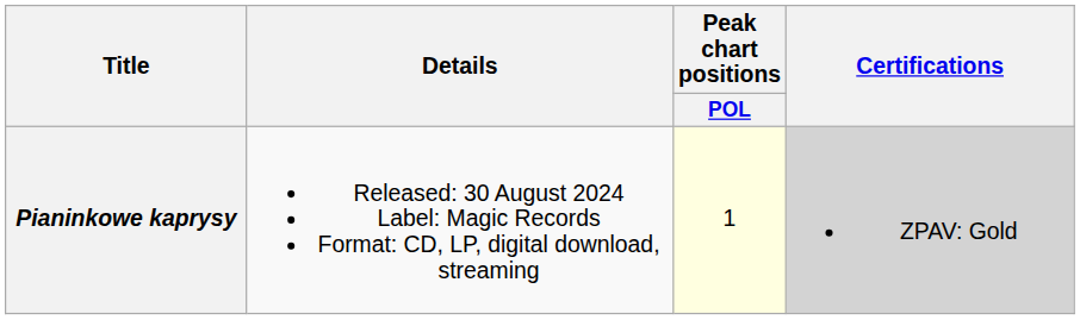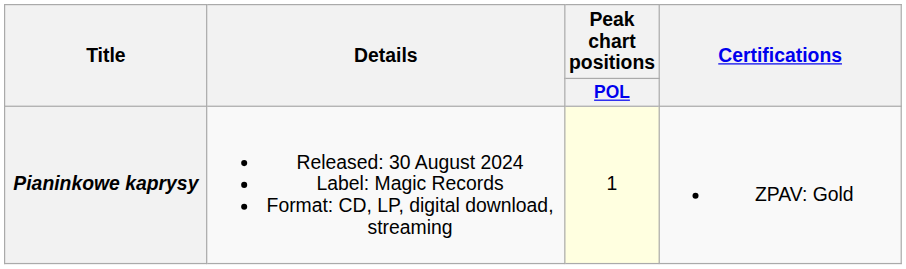 <table class="wikitable plainrowheaders" style="text-align:center;">
 <tr>
 <th scope="col" rowspan="2" style="width:10em;">Title</th>
 <th scope="col" rowspan="2" style="width:18em;">Details</th>
 <th>Peak chart positions</th>
 <th scope="col" rowspan="2" style="width:12em;"><a href='#'>Certifications</a></th>
 </tr>
 <tr>
 <th scope="col" style="width:3em;font-size:90%;"><a href='#'>POL</a><br></th>
 </tr>
 <tr>
 <th scope="row"><em>Pianinkowe kaprysy</em></th>
 <td><br><ul><li>Released: 30 August 2024</li><li>Label: Magic Records</li><li>Format: CD, LP, digital download, streaming</li></ul></td>
 <td style="background: lightyellow;">1</td>
-<td style="background: lightgrey;"><br><ul><li>ZPAV: Gold</li></ul></td>
+<td><br><ul><li>ZPAV: Gold</li></ul></td>
 </tr>
 </table>
